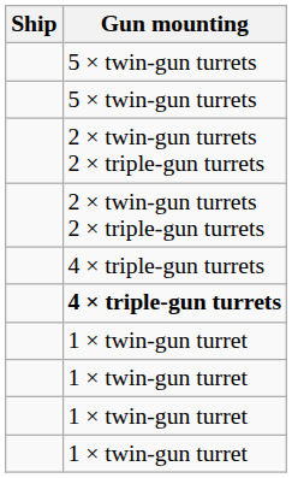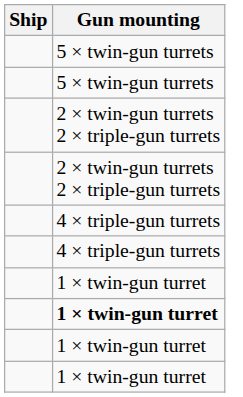 <table class="wikitable">
 <tr>
 <th>Ship</th>
 <th>Gun mounting</th>
 </tr>
 <tr>
 <td></td>
 <td>5 × twin-gun turrets</td>
 </tr>
 <tr>
 <td></td>
 <td>5 × twin-gun turrets</td>
 </tr>
 <tr>
 <td></td>
 <td>2 × twin-gun turrets<br> 2 × triple-gun turrets</td>
 </tr>
 <tr>
 <td></td>
 <td>2 × twin-gun turrets<br> 2 × triple-gun turrets</td>
 </tr>
 <tr>
 <td></td>
 <td>4 × triple-gun turrets</td>
 </tr>
 <tr>
 <td></td>
-<td><strong>4 × triple-gun turrets</strong></td>
+<td>4 × triple-gun turrets</td>
 </tr>
 <tr>
 <td></td>
 <td>1 × twin-gun turret</td>
 </tr>
 <tr>
 <td></td>
-<td>1 × twin-gun turret</td>
+<td><strong>1 × twin-gun turret</strong></td>
 </tr>
 <tr>
 <td></td>
 <td>1 × twin-gun turret</td>
 </tr>
 <tr>
 <td></td>
 <td>1 × twin-gun turret</td>
 </tr>
 </table>
